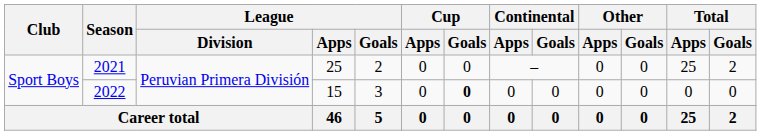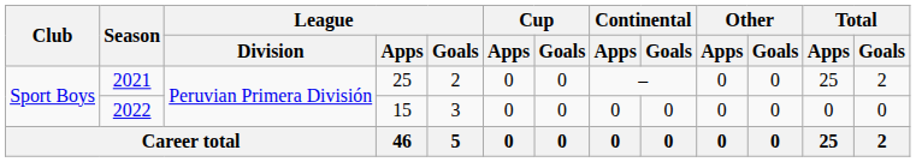 <table class="wikitable" style="text-align: center">
 <tr>
 <th rowspan="2">Club</th>
 <th rowspan="2">Season</th>
 <th colspan="3">League</th>
 <th colspan="2">Cup</th>
 <th colspan="2">Continental</th>
 <th colspan="2">Other</th>
 <th colspan="2">Total</th>
 </tr>
 <tr>
 <th>Division</th>
 <th>Apps</th>
 <th>Goals</th>
 <th>Apps</th>
 <th>Goals</th>
 <th>Apps</th>
 <th>Goals</th>
 <th>Apps</th>
 <th>Goals</th>
 <th>Apps</th>
 <th>Goals</th>
 </tr>
 <tr>
 <td rowspan="2"><a href='#'>Sport Boys</a></td>
 <td><a href='#'>2021</a></td>
 <td rowspan="2"><a href='#'>Peruvian Primera División</a></td>
 <td>25</td>
 <td>2</td>
 <td>0</td>
 <td>0</td>
 <td colspan="2">–</td>
 <td>0</td>
 <td>0</td>
 <td>25</td>
 <td>2</td>
 </tr>
 <tr>
 <td><a href='#'>2022</a></td>
 <td>15</td>
 <td>3</td>
 <td>0</td>
-<td><strong>0</strong></td>
+<td>0</td>
 <td>0</td>
 <td>0</td>
 <td>0</td>
 <td>0</td>
 <td>0</td>
 <td>0</td>
 </tr>
 <tr>
 <th colspan="3"><strong>Career total</strong></th>
 <th>46</th>
 <th>5</th>
 <th>0</th>
 <th>0</th>
 <th>0</th>
 <th>0</th>
 <th>0</th>
 <th>0</th>
 <th>25</th>
 <th>2</th>
 </tr>
 </table>
